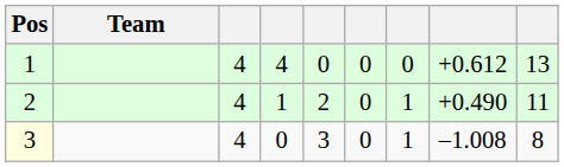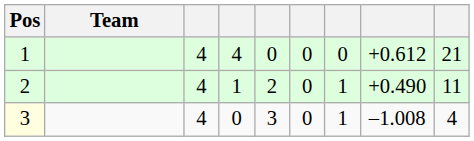 <table class="wikitable" style="text-align:center">
 <tr>
 <th>Pos</th>
 <th width="100">Team</th>
 <th width="20"></th>
 <th width="20"></th>
 <th width="20"></th>
 <th width="20"></th>
 <th width="20"></th>
 <th width="50"><a href='#'></a></th>
 <th width="20"></th>
 </tr>
 <tr style="background:#ddffdd">
 <td>1</td>
 <td style="text-align:left"></td>
 <td>4</td>
 <td>4</td>
 <td>0</td>
 <td>0</td>
 <td>0</td>
 <td>+0.612</td>
-<td>13</td>
+<td>21</td>
 </tr>
 <tr style="background:#ddffdd">
 <td>2</td>
 <td style="text-align:left"></td>
 <td>4</td>
 <td>1</td>
 <td>2</td>
 <td>0</td>
 <td>1</td>
 <td>+0.490</td>
 <td>11</td>
 </tr>
 <tr>
 <td style="background: lightyellow;">3</td>
 <td style="text-align:left"></td>
 <td>4</td>
 <td>0</td>
 <td>3</td>
 <td>0</td>
 <td>1</td>
 <td>–1.008</td>
-<td>8</td>
+<td>4</td>
 </tr>
 </table>
